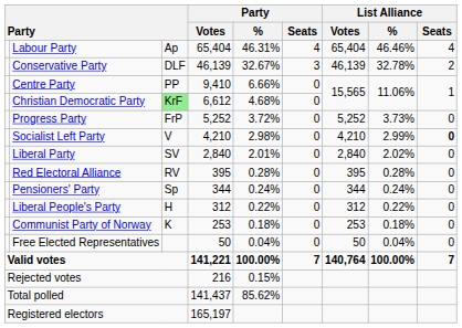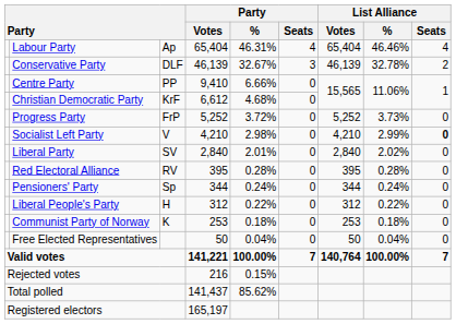 <table class="wikitable" border="1" style="text-align:right;">
 <tr>
 <th style="text-align:left;" valign=bottom rowspan=2 colspan=3>Party</th>
 <th colspan=3>Party</th>
 <th colspan=3>List Alliance</th>
 </tr>
 <tr>
 <th align=center valign=bottom width="50">Votes</th>
 <th align=center valign=bottom width="50">%</th>
 <th align=center valign=bottom width="50">Seats</th>
 <th align=center valign=bottom width="50">Votes</th>
 <th align=center valign=bottom width="50">%</th>
 <th align=center valign=bottom width="50">Seats</th>
 </tr>
 <tr>
 <td style="color:inherit;background:"></td>
 <td align=left><a href='#'>Labour Party</a></td>
 <td align=left>Ap</td>
 <td>65,404</td>
 <td>46.31%</td>
 <td>4</td>
 <td>65,404</td>
 <td>46.46%</td>
 <td>4</td>
 </tr>
 <tr>
 <td style="color:inherit;background:"></td>
 <td align=left><a href='#'>Conservative Party</a></td>
 <td align=left>DLF</td>
 <td>46,139</td>
 <td>32.67%</td>
 <td>3</td>
 <td>46,139</td>
 <td>32.78%</td>
 <td>2</td>
 </tr>
 <tr>
 <td style="color:inherit;background:"></td>
 <td align=left><a href='#'>Centre Party</a></td>
 <td align=left>PP</td>
 <td>9,410</td>
 <td>6.66%</td>
 <td>0</td>
 <td rowspan=2>15,565</td>
 <td rowspan=2>11.06%</td>
 <td rowspan=2>1</td>
 </tr>
 <tr>
 <td style="color:inherit;background:"></td>
 <td align=left><a href='#'>Christian Democratic Party</a></td>
-<td align=left style="background: lightgreen;">KrF</td>
+<td align=left>KrF</td>
 <td>6,612</td>
 <td>4.68%</td>
 <td>0</td>
 </tr>
 <tr>
 <td style="color:inherit;background:"></td>
 <td align=left><a href='#'>Progress Party</a></td>
 <td align=left>FrP</td>
 <td>5,252</td>
 <td>3.72%</td>
 <td>0</td>
 <td>5,252</td>
 <td>3.73%</td>
 <td>0</td>
 </tr>
 <tr>
 <td style="color:inherit;background:"></td>
 <td align=left><a href='#'>Socialist Left Party</a></td>
 <td align=left>V</td>
 <td>4,210</td>
 <td>2.98%</td>
 <td>0</td>
 <td>4,210</td>
 <td>2.99%</td>
 <td><strong>0</strong></td>
 </tr>
 <tr>
 <td style="color:inherit;background:"></td>
 <td align=left><a href='#'>Liberal Party</a></td>
 <td align=left>SV</td>
 <td>2,840</td>
 <td>2.01%</td>
 <td>0</td>
 <td>2,840</td>
 <td>2.02%</td>
 <td>0</td>
 </tr>
 <tr>
 <td style="color:inherit;background:"></td>
 <td align=left><a href='#'>Red Electoral Alliance</a></td>
 <td align=left>RV</td>
 <td>395</td>
 <td>0.28%</td>
 <td>0</td>
 <td>395</td>
 <td>0.28%</td>
 <td>0</td>
 </tr>
 <tr>
 <td style="color:inherit;background:"></td>
 <td align=left><a href='#'>Pensioners' Party</a></td>
 <td align=left>Sp</td>
 <td>344</td>
 <td>0.24%</td>
 <td>0</td>
 <td>344</td>
 <td>0.24%</td>
 <td>0</td>
 </tr>
 <tr>
 <td style="color:inherit;background:"></td>
 <td align=left><a href='#'>Liberal People's Party</a></td>
 <td align=left>H</td>
 <td>312</td>
 <td>0.22%</td>
 <td>0</td>
 <td>312</td>
 <td>0.22%</td>
 <td>0</td>
 </tr>
 <tr>
 <td style="color:inherit;background:"></td>
 <td align=left><a href='#'>Communist Party of Norway</a></td>
 <td align=left>K</td>
 <td>253</td>
 <td>0.18%</td>
 <td>0</td>
 <td>253</td>
 <td>0.18%</td>
 <td>0</td>
 </tr>
 <tr>
 <td></td>
 <td align=left>Free Elected Representatives</td>
 <td align=left></td>
 <td>50</td>
 <td>0.04%</td>
 <td>0</td>
 <td>50</td>
 <td>0.04%</td>
 <td>0</td>
 </tr>
 <tr style="font-weight:bold">
 <td align=left colspan=3>Valid votes</td>
 <td>141,221</td>
 <td>100.00%</td>
 <td>7</td>
 <td>140,764</td>
 <td>100.00%</td>
 <td>7</td>
 </tr>
 <tr>
 <td align=left colspan=3>Rejected votes</td>
 <td>216</td>
 <td>0.15%</td>
 <td></td>
 <td></td>
 <td></td>
 <td></td>
 </tr>
 <tr>
 <td align=left colspan=3>Total polled</td>
 <td>141,437</td>
 <td>85.62%</td>
 <td></td>
 <td></td>
 <td></td>
 <td></td>
 </tr>
 <tr>
 <td align=left colspan=3>Registered electors</td>
 <td>165,197</td>
 <td></td>
 <td></td>
 <td></td>
 <td></td>
 </tr>
 </table>
